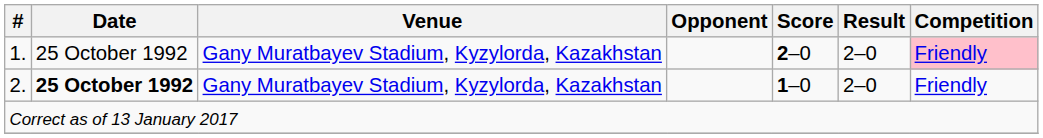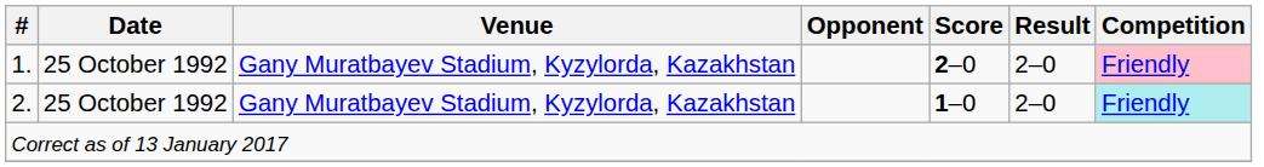 <table class="wikitable" style="font-size:95%;">
 <tr>
 <th>#</th>
 <th>Date</th>
 <th>Venue</th>
 <th>Opponent</th>
 <th>Score</th>
 <th>Result</th>
 <th>Competition</th>
 </tr>
 <tr>
 <td>1.</td>
 <td>25 October 1992</td>
 <td><a href='#'>Gany Muratbayev Stadium</a>, <a href='#'>Kyzylorda</a>, <a href='#'>Kazakhstan</a></td>
 <td></td>
 <td><strong>2</strong>–0</td>
 <td>2–0</td>
 <td style="background: pink;"><a href='#'>Friendly</a></td>
 </tr>
 <tr>
 <td>2.</td>
-<td><strong>25 October 1992</strong></td>
+<td>25 October 1992</td>
 <td><a href='#'>Gany Muratbayev Stadium</a>, <a href='#'>Kyzylorda</a>, <a href='#'>Kazakhstan</a></td>
 <td></td>
 <td><strong>1</strong>–0</td>
 <td>2–0</td>
-<td><a href='#'>Friendly</a></td>
+<td style="background: paleturquoise;"><a href='#'>Friendly</a></td>
 </tr>
 <tr>
 <td colspan="12"><small><em>Correct as of 13 January 2017</em></small></td>
 </tr>
 <tr>
 </tr>
 </table>
